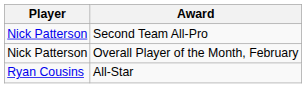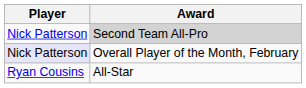 <table class="wikitable">
 <tr>
 <th>Player</th>
 <th>Award</th>
 </tr>
 <tr>
 <td><a href='#'>Nick Patterson</a></td>
-<td>Second Team All-Pro</td>
+<td style="background: lightgrey;">Second Team All-Pro</td>
 </tr>
 <tr>
-<td>Nick Patterson</td>
+<td style="background: lavender;">Nick Patterson</td>
 <td>Overall Player of the Month, February</td>
 </tr>
 <tr>
 <td><a href='#'>Ryan Cousins</a></td>
 <td>All-Star</td>
 </tr>
 </table>
